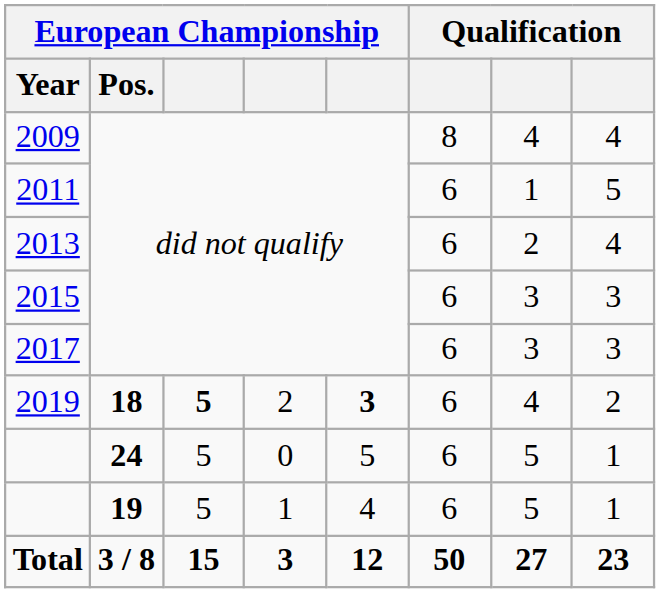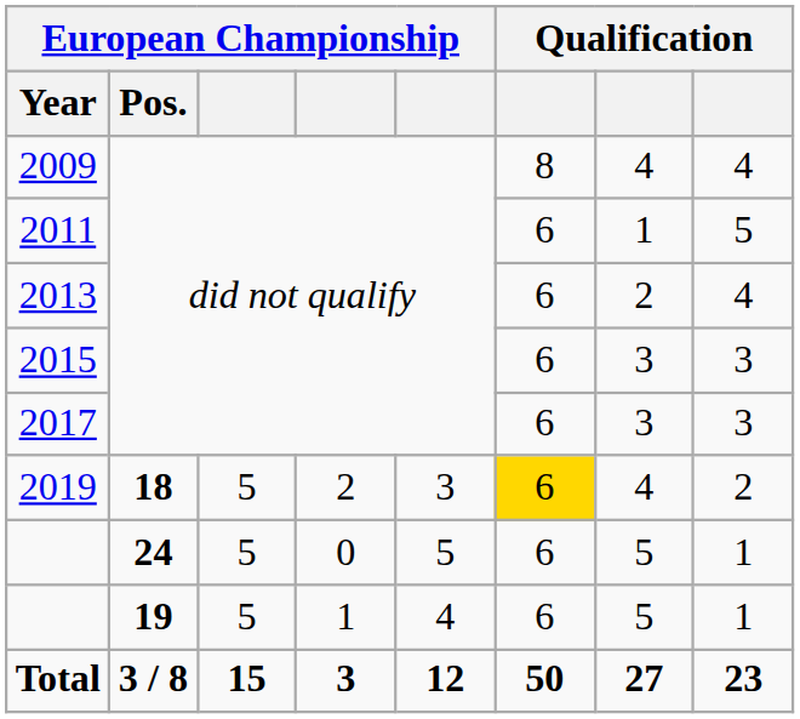 <table class="wikitable" style="text-align: center;font-size:90%;">
 <tr>
 <th colspan=5><a href='#'>European Championship</a></th>
 <th colspan=3>Qualification</th>
 </tr>
 <tr>
 <th>Year</th>
 <th>Pos.</th>
 <th width=30></th>
 <th width=30></th>
 <th width=30></th>
 <th width=30></th>
 <th width=30></th>
 <th width=30></th>
 </tr>
 <tr>
 <td> <a href='#'>2009</a></td>
 <td colspan=4 rowspan=5><em>did not qualify</em></td>
 <td>8</td>
 <td>4</td>
 <td>4</td>
 </tr>
 <tr>
 <td>  <a href='#'>2011</a></td>
 <td>6</td>
 <td>1</td>
 <td>5</td>
 </tr>
 <tr>
 <td>  <a href='#'>2013</a></td>
 <td>6</td>
 <td>2</td>
 <td>4</td>
 </tr>
 <tr>
 <td>  <a href='#'>2015</a></td>
 <td>6</td>
 <td>3</td>
 <td>3</td>
 </tr>
 <tr>
 <td> <a href='#'>2017</a></td>
 <td>6</td>
 <td>3</td>
 <td>3</td>
 </tr>
 <tr>
 <td>    <a href='#'>2019</a></td>
 <td><strong>18</strong></td>
-<td><strong>5</strong></td>
+<td>5</td>
 <td>2</td>
-<td><strong>3</strong></td>
-<td>6</td>
+<td>3</td>
+<td style="background: gold;">6</td>
 <td>4</td>
 <td>2</td>
 </tr>
 <tr>
 <td></td>
 <td><strong>24</strong></td>
 <td>5</td>
 <td>0</td>
 <td>5</td>
 <td>6</td>
 <td>5</td>
 <td>1</td>
 </tr>
 <tr>
 <td></td>
 <td><strong>19</strong></td>
 <td>5</td>
 <td>1</td>
 <td>4</td>
 <td>6</td>
 <td>5</td>
 <td>1</td>
 </tr>
 <tr>
 <td><strong>Total</strong></td>
 <td><strong>3 / 8</strong></td>
 <td><strong>15</strong></td>
 <td><strong>3</strong></td>
 <td><strong>12</strong></td>
 <td><strong>50</strong></td>
 <td><strong>27</strong></td>
 <td><strong>23</strong></td>
 </tr>
 </table>
